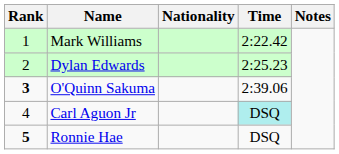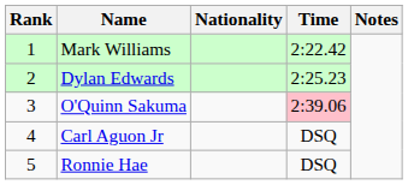 <table class="wikitable sortable" style="text-align:center">
 <tr>
 <th>Rank</th>
 <th>Name</th>
 <th>Nationality</th>
 <th>Time</th>
 <th>Notes</th>
 </tr>
 <tr bgcolor=ccffcc>
 <td>1</td>
 <td align=left>Mark Williams</td>
 <td align=left></td>
 <td>2:22.42</td>
 </tr>
 <tr bgcolor=ccffcc>
 <td>2</td>
 <td align=left><a href='#'>Dylan Edwards</a></td>
 <td align=left></td>
 <td>2:25.23</td>
 </tr>
 <tr>
-<td><strong>3</strong></td>
+<td>3</td>
 <td align=left><a href='#'>O'Quinn Sakuma</a></td>
 <td align=left></td>
-<td>2:39.06</td>
+<td style="background: pink;">2:39.06</td>
 </tr>
 <tr>
 <td>4</td>
 <td align=left><a href='#'>Carl Aguon Jr</a></td>
 <td align=left></td>
-<td style="background: paleturquoise;">DSQ</td>
+<td>DSQ</td>
 </tr>
 <tr>
-<td><strong>5</strong></td>
+<td>5</td>
 <td align=left><a href='#'>Ronnie Hae</a></td>
 <td align=left></td>
 <td>DSQ</td>
 </tr>
 </table>
